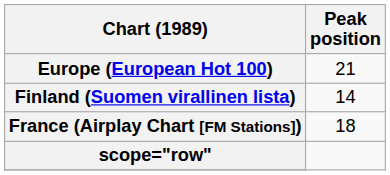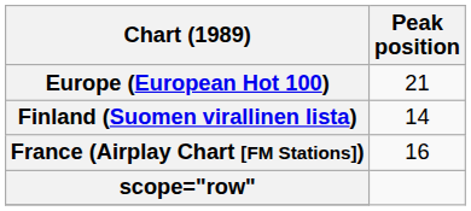 <table class="wikitable sortable plainrowheaders">
 <tr>
 <th>Chart (1989)</th>
 <th>Peak<br>position</th>
 </tr>
 <tr>
 <th scope="row">Europe (<a href='#'>European Hot 100</a>)</th>
 <td align="center">21</td>
 </tr>
 <tr>
 <th scope="row">Finland (<a href='#'>Suomen virallinen lista</a>)</th>
 <td align="center">14</td>
 </tr>
 <tr>
 <th scope="row">France (Airplay Chart <small>[FM Stations]</small>)</th>
-<td align="center">18</td>
+<td align="center">16</td>
 </tr>
 <tr>
 <th>scope="row"</th>
 </tr>
 <tr>
 </tr>
 </table>
